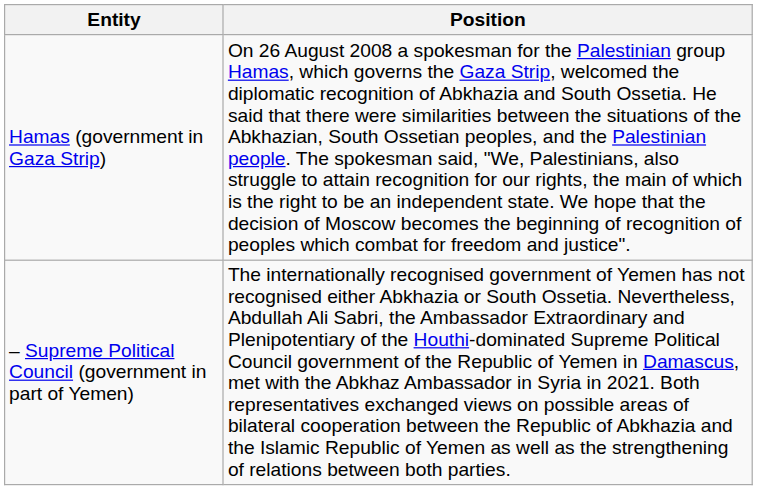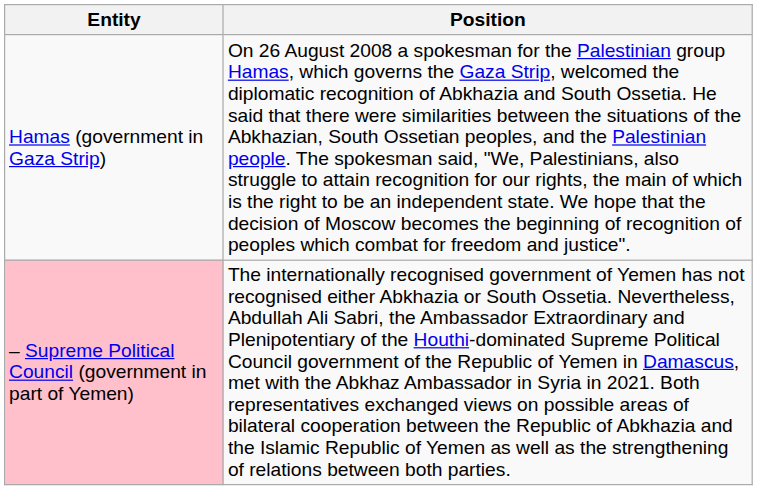 <table class="wikitable" style="margin:auto; width:100%;">
 <tr>
 <th style="width:175px;">Entity</th>
 <th>Position</th>
 </tr>
 <tr>
 <td> <a href='#'>Hamas</a> (government in <a href='#'>Gaza Strip</a>)</td>
 <td>On 26 August 2008 a spokesman for the <a href='#'>Palestinian</a> group <a href='#'>Hamas</a>, which governs the <a href='#'>Gaza Strip</a>, welcomed the diplomatic recognition of Abkhazia and South Ossetia. He said that there were similarities between the situations of the Abkhazian, South Ossetian peoples, and the <a href='#'>Palestinian people</a>. The spokesman said, "We, Palestinians, also struggle to attain recognition for our rights, the main of which is the right to be an independent state. We hope that the decision of Moscow becomes the beginning of recognition of peoples which combat for freedom and justice".</td>
 </tr>
 <tr>
-<td> – <a href='#'>Supreme Political Council</a> (government in part of Yemen)</td>
+<td style="background: pink;"> – <a href='#'>Supreme Political Council</a> (government in part of Yemen)</td>
 <td>The internationally recognised government of Yemen has not recognised either Abkhazia or South Ossetia. Nevertheless, Abdullah Ali Sabri, the Ambassador Extraordinary and Plenipotentiary of the <a href='#'>Houthi</a>-dominated Supreme Political Council government of the Republic of Yemen in <a href='#'>Damascus</a>, met with the Abkhaz Ambassador in Syria in 2021. Both representatives exchanged views on possible areas of bilateral cooperation between the Republic of Abkhazia and the Islamic Republic of Yemen as well as the strengthening of relations between both parties.</td>
 </tr>
 </table>
